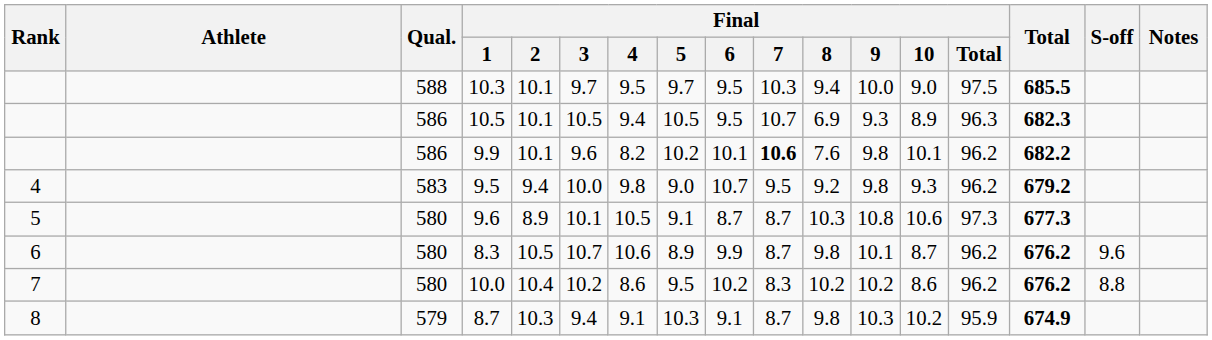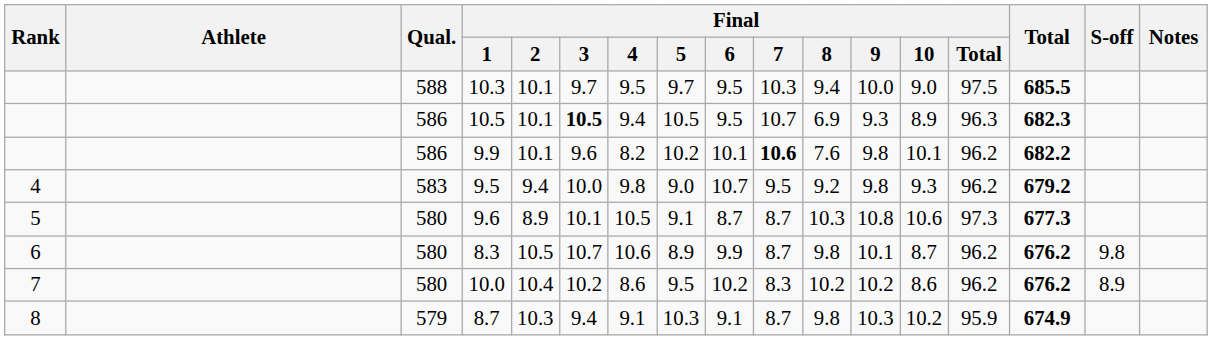 <table class="wikitable" style="text-align:center">
 <tr>
 <th rowspan=2 width=40>Rank</th>
 <th rowspan=2 width=250>Athlete</th>
 <th rowspan=2 width=40>Qual.</th>
 <th colspan=11>Final</th>
 <th rowspan=2 width=50>Total</th>
 <th rowspan=2 width=35>S-off</th>
 <th rowspan=2 width=45>Notes</th>
 </tr>
 <tr>
 <th width=30>1</th>
 <th width=30>2</th>
 <th width=30>3</th>
 <th width=30>4</th>
 <th width=30>5</th>
 <th width=30>6</th>
 <th width=30>7</th>
 <th width=30>8</th>
 <th width=30>9</th>
 <th width=30>10</th>
 <th width=40>Total</th>
 </tr>
 <tr>
 <td></td>
 <td align=left></td>
 <td>588</td>
 <td>10.3</td>
 <td>10.1</td>
 <td>9.7</td>
 <td>9.5</td>
 <td>9.7</td>
 <td>9.5</td>
 <td>10.3</td>
 <td>9.4</td>
 <td>10.0</td>
 <td>9.0</td>
 <td>97.5</td>
 <td><strong>685.5</strong></td>
 <td></td>
 <td></td>
 </tr>
 <tr>
 <td></td>
 <td align=left></td>
 <td>586</td>
 <td>10.5</td>
 <td>10.1</td>
-<td>10.5</td>
+<td><strong>10.5</strong></td>
 <td>9.4</td>
 <td>10.5</td>
 <td>9.5</td>
 <td>10.7</td>
 <td>6.9</td>
 <td>9.3</td>
 <td>8.9</td>
 <td>96.3</td>
 <td><strong>682.3</strong></td>
 <td></td>
 <td></td>
 </tr>
 <tr>
 <td></td>
 <td align=left></td>
 <td>586</td>
 <td>9.9</td>
 <td>10.1</td>
 <td>9.6</td>
 <td>8.2</td>
 <td>10.2</td>
 <td>10.1</td>
 <td><strong>10.6</strong></td>
 <td>7.6</td>
 <td>9.8</td>
 <td>10.1</td>
 <td>96.2</td>
 <td><strong>682.2</strong></td>
 <td></td>
 <td></td>
 </tr>
 <tr>
 <td>4</td>
 <td align=left></td>
 <td>583</td>
 <td>9.5</td>
 <td>9.4</td>
 <td>10.0</td>
 <td>9.8</td>
 <td>9.0</td>
 <td>10.7</td>
 <td>9.5</td>
 <td>9.2</td>
 <td>9.8</td>
 <td>9.3</td>
 <td>96.2</td>
 <td><strong>679.2</strong></td>
 <td></td>
 <td></td>
 </tr>
 <tr>
 <td>5</td>
 <td align=left></td>
 <td>580</td>
 <td>9.6</td>
 <td>8.9</td>
 <td>10.1</td>
 <td>10.5</td>
 <td>9.1</td>
 <td>8.7</td>
 <td>8.7</td>
 <td>10.3</td>
 <td>10.8</td>
 <td>10.6</td>
 <td>97.3</td>
 <td><strong>677.3</strong></td>
 <td></td>
 <td></td>
 </tr>
 <tr>
 <td>6</td>
 <td align=left></td>
 <td>580</td>
 <td>8.3</td>
 <td>10.5</td>
 <td>10.7</td>
 <td>10.6</td>
 <td>8.9</td>
 <td>9.9</td>
 <td>8.7</td>
 <td>9.8</td>
 <td>10.1</td>
 <td>8.7</td>
 <td>96.2</td>
 <td><strong>676.2</strong></td>
-<td>9.6</td>
+<td>9.8</td>
 <td></td>
 </tr>
 <tr>
 <td>7</td>
 <td align=left></td>
 <td>580</td>
 <td>10.0</td>
 <td>10.4</td>
 <td>10.2</td>
 <td>8.6</td>
 <td>9.5</td>
 <td>10.2</td>
 <td>8.3</td>
 <td>10.2</td>
 <td>10.2</td>
 <td>8.6</td>
 <td>96.2</td>
 <td><strong>676.2</strong></td>
-<td>8.8</td>
+<td>8.9</td>
 <td></td>
 </tr>
 <tr>
 <td>8</td>
 <td align=left></td>
 <td>579</td>
 <td>8.7</td>
 <td>10.3</td>
 <td>9.4</td>
 <td>9.1</td>
 <td>10.3</td>
 <td>9.1</td>
 <td>8.7</td>
 <td>9.8</td>
 <td>10.3</td>
 <td>10.2</td>
 <td>95.9</td>
 <td><strong>674.9</strong></td>
 <td></td>
 <td></td>
 </tr>
 </table>
